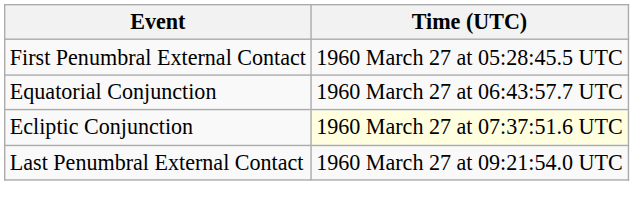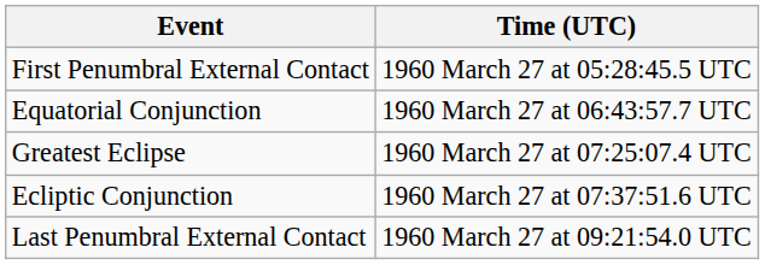 <table class="wikitable">
 <tr>
 <th>Event</th>
 <th>Time (UTC)</th>
 </tr>
 <tr>
 <td>First Penumbral External Contact</td>
 <td>1960 March 27 at 05:28:45.5 UTC</td>
 </tr>
 <tr>
 <td>Equatorial Conjunction</td>
 <td>1960 March 27 at 06:43:57.7 UTC</td>
 </tr>
 <tr>
+<td>Greatest Eclipse</td>
+<td>1960 March 27 at 07:25:07.4 UTC</td>
+</tr>
+<tr>
 <td>Ecliptic Conjunction</td>
-<td style="background: lightyellow;">1960 March 27 at 07:37:51.6 UTC</td>
+<td>1960 March 27 at 07:37:51.6 UTC</td>
 </tr>
 <tr>
 <td>Last Penumbral External Contact</td>
 <td>1960 March 27 at 09:21:54.0 UTC</td>
 </tr>
 </table>
